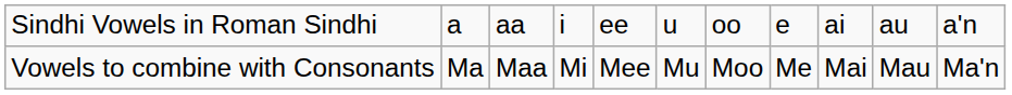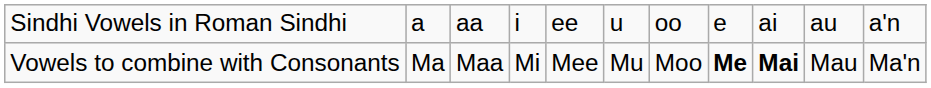 <table class="wikitable sortable">
 <tr>
 <td>Sindhi Vowels in Roman Sindhi</td>
 <td>a</td>
 <td>aa</td>
 <td>i</td>
 <td>ee</td>
 <td>u</td>
 <td>oo</td>
 <td>e</td>
 <td>ai</td>
 <td>au</td>
 <td>a'n</td>
 </tr>
 <tr>
 <td>Vowels to combine with Consonants</td>
 <td>Ma</td>
 <td>Maa</td>
 <td>Mi</td>
 <td>Mee</td>
 <td>Mu</td>
 <td>Moo</td>
-<td>Me</td>
-<td>Mai</td>
+<td><strong>Me</strong></td>
+<td><strong>Mai</strong></td>
 <td>Mau</td>
 <td>Ma'n</td>
 </tr>
 </table>
